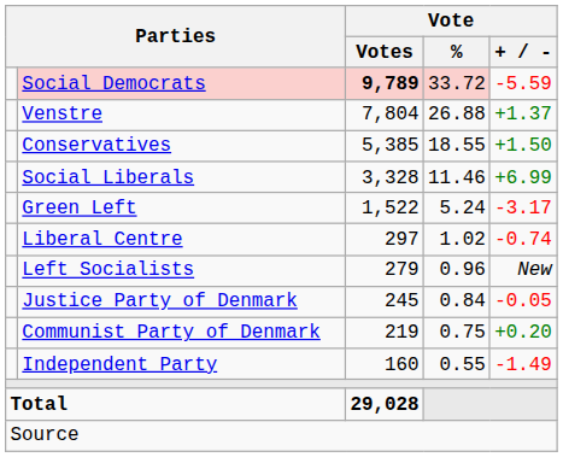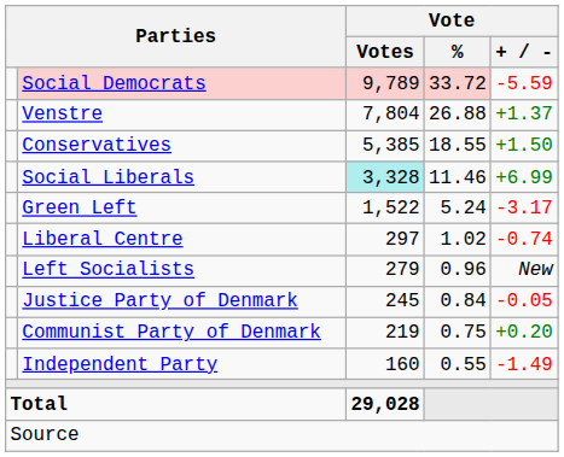 <table class="wikitable" style="text-align:right;">
 <tr>
 <th style="text-align:centre;" rowspan="2" colspan="2" width="225">Parties</th>
 <th colspan="3">Vote</th>
 </tr>
 <tr>
 <th width="15">Votes</th>
 <th width="15">%</th>
 <th width="15">+ / -</th>
 </tr>
 <tr>
 <td width="2" style="color:inherit;background:"></td>
 <td bgcolor=#fbd0ce  align="left"><a href='#'>Social Democrats</a></td>
-<td bgcolor=#fbd0ce><strong>9,789</strong></td>
+<td bgcolor=#fbd0ce>9,789</td>
 <td bgcolor=#fbd0ce>33.72</td>
 <td style=color:red;>-5.59</td>
 </tr>
 <tr>
 <td width="2" style="color:inherit;background:"></td>
 <td align="left"><a href='#'>Venstre</a></td>
 <td>7,804</td>
 <td>26.88</td>
 <td style=color:green;>+1.37</td>
 </tr>
 <tr>
 <td width="2" style="color:inherit;background:"></td>
 <td align="left"><a href='#'>Conservatives</a></td>
 <td>5,385</td>
 <td>18.55</td>
 <td style=color:green;>+1.50</td>
 </tr>
 <tr>
 <td width="2" style="color:inherit;background:"></td>
 <td align="left"><a href='#'>Social Liberals</a></td>
-<td>3,328</td>
+<td style="background: paleturquoise;">3,328</td>
 <td>11.46</td>
 <td style=color:green;>+6.99</td>
 </tr>
 <tr>
 <td width="2" style="color:inherit;background:"></td>
 <td align="left"><a href='#'>Green Left</a></td>
 <td>1,522</td>
 <td>5.24</td>
 <td style=color:red;>-3.17</td>
 </tr>
 <tr>
 <td width="2" style="color:inherit;background:"></td>
 <td align="left"><a href='#'>Liberal Centre</a></td>
 <td>297</td>
 <td>1.02</td>
 <td style=color:red;>-0.74</td>
 </tr>
 <tr>
 <td width="2" style="color:inherit;background:"></td>
 <td align="left"><a href='#'>Left Socialists</a></td>
 <td>279</td>
 <td>0.96</td>
 <td><em>New</em></td>
 </tr>
 <tr>
 <td width="2" style="color:inherit;background:"></td>
 <td align="left"><a href='#'>Justice Party of Denmark</a></td>
 <td>245</td>
 <td>0.84</td>
 <td style=color:red;>-0.05</td>
 </tr>
 <tr>
 <td width="2" style="color:inherit;background:"></td>
 <td align="left"><a href='#'>Communist Party of Denmark</a></td>
 <td>219</td>
 <td>0.75</td>
 <td style=color:green;>+0.20</td>
 </tr>
 <tr>
 <td width="2" style="color:inherit;background:"></td>
 <td align="left"><a href='#'>Independent Party</a></td>
 <td>160</td>
 <td>0.55</td>
 <td style=color:red;>-1.49</td>
 </tr>
 <tr>
 <td colspan="7" bgcolor="#E9E9E9"></td>
 </tr>
 <tr>
 <td align="left" colspan="2"><strong>Total</strong></td>
 <td><strong>29,028</strong></td>
 <td bgcolor="#E9E9E9" colspan="2"></td>
 </tr>
 <tr>
 <td align="left" colspan="6">Source</td>
 </tr>
 </table>
